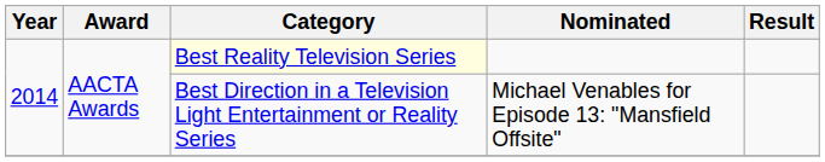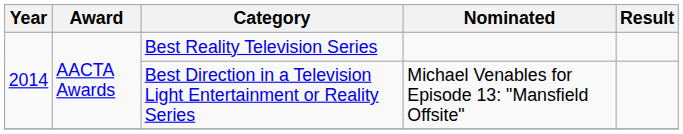 <table class="wikitable">
 <tr>
 <th>Year</th>
 <th>Award</th>
 <th>Category</th>
 <th>Nominated</th>
 <th>Result</th>
 </tr>
 <tr>
 <td rowspan="2"><a href='#'>2014</a></td>
 <td rowspan="2"><a href='#'>AACTA Awards</a></td>
-<td style="background: lightyellow;"><a href='#'>Best Reality Television Series</a></td>
+<td><a href='#'>Best Reality Television Series</a></td>
 <td></td>
 <td></td>
 </tr>
 <tr>
 <td><a href='#'>Best Direction in a Television Light Entertainment or Reality Series</a></td>
 <td>Michael Venables for Episode 13: "Mansfield Offsite"</td>
 <td></td>
 </tr>
 <tr>
 </tr>
 </table>
